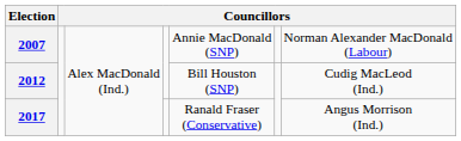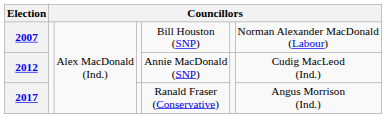 <table class="wikitable" style="text-align:center">
 <tr>
 <th>Election</th>
 <th colspan=8>Councillors</th>
 </tr>
 <tr>
 <th><a href='#'>2007</a></th>
 <td rowspan=3; style="background-color: "></td>
 <td rowspan=3>Alex MacDonald<br>(Ind.)</td>
 <td rowspan=2; style="background-color: "></td>
-<td>Annie MacDonald<br>(<a href='#'>SNP</a>)</td>
+<td>Bill Houston<br>(<a href='#'>SNP</a>)</td>
 <td style="background-color: "></td>
 <td>Norman Alexander MacDonald<br>(<a href='#'>Labour</a>)</td>
 </tr>
 <tr>
 <th><a href='#'>2012</a></th>
-<td>Bill Houston<br>(<a href='#'>SNP</a>)</td>
+<td>Annie MacDonald<br>(<a href='#'>SNP</a>)</td>
 <td rowspan=2; style="background-color: "></td>
 <td>Cudig MacLeod<br>(Ind.)</td>
 </tr>
 <tr>
 <th><a href='#'>2017</a></th>
 <td style="background-color: "></td>
 <td>Ranald Fraser<br>(<a href='#'>Conservative</a>)</td>
 <td>Angus Morrison<br>(Ind.)</td>
 </tr>
 </table>
